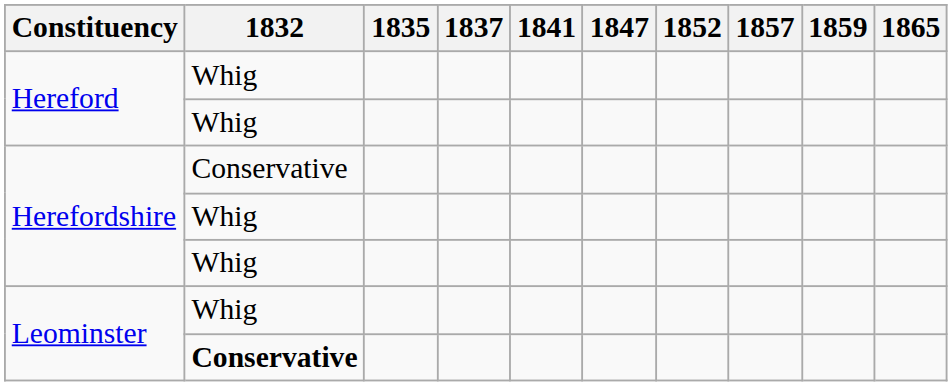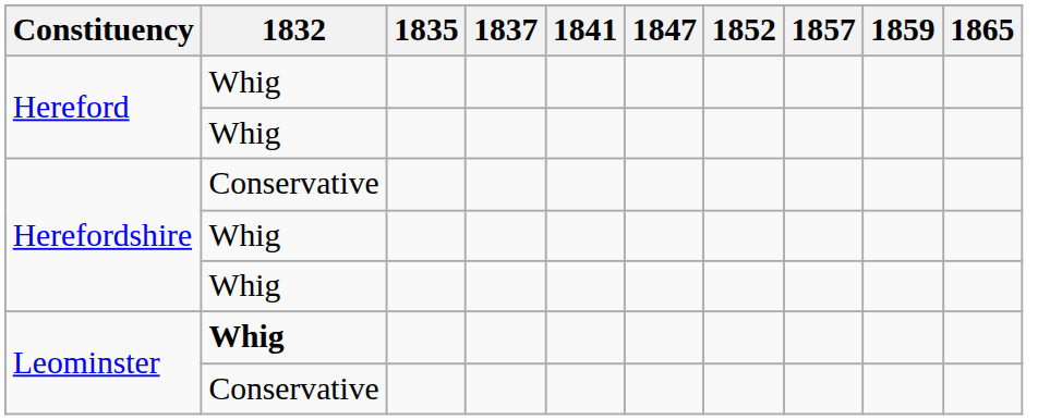 <table class=wikitable sortable>
 <tr>
 <th>Constituency</th>
 <th>1832</th>
 <th>1835</th>
 <th>1837</th>
 <th>1841</th>
 <th>1847</th>
 <th>1852</th>
 <th>1857</th>
 <th>1859</th>
 <th>1865</th>
 </tr>
 <tr>
 <td rowspan=2><a href='#'>Hereford</a></td>
 <td bgcolor=>Whig</td>
 <td></td>
 <td></td>
 <td></td>
 <td></td>
 <td></td>
 <td></td>
 <td></td>
 <td></td>
 </tr>
 <tr>
 <td bgcolor=>Whig</td>
 <td></td>
 <td></td>
 <td></td>
 <td></td>
 <td></td>
 <td></td>
 <td></td>
 <td></td>
 </tr>
 <tr>
 <td rowspan=3><a href='#'>Herefordshire</a></td>
 <td bgcolor=>Conservative</td>
 <td></td>
 <td></td>
 <td></td>
 <td></td>
 <td></td>
 <td></td>
 <td></td>
 <td></td>
 </tr>
 <tr>
 <td bgcolor=>Whig</td>
 <td></td>
 <td></td>
 <td></td>
 <td></td>
 <td></td>
 <td></td>
 <td></td>
 <td></td>
 </tr>
 <tr>
 <td bgcolor=>Whig</td>
 <td></td>
 <td></td>
 <td></td>
 <td></td>
 <td></td>
 <td></td>
 <td></td>
 <td></td>
 </tr>
 <tr>
 <td rowspan=2><a href='#'>Leominster</a></td>
-<td bgcolor=>Whig</td>
+<td bgcolor=><strong>Whig</strong></td>
 <td></td>
 <td></td>
 <td></td>
 <td></td>
 <td></td>
 <td></td>
 <td></td>
 <td></td>
 </tr>
 <tr>
-<td bgcolor=><strong>Conservative</strong></td>
+<td bgcolor=>Conservative</td>
 <td></td>
 <td></td>
 <td></td>
 <td></td>
 <td></td>
 <td></td>
 <td></td>
 <td></td>
 </tr>
 </table>
